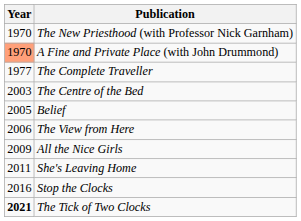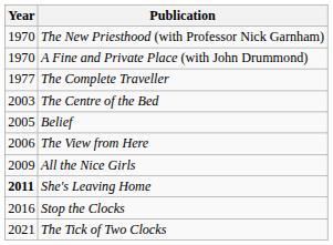 <table class="wikitable">
 <tr>
 <th>Year</th>
 <th>Publication</th>
 </tr>
 <tr>
 <td>1970</td>
 <td><em>The New Priesthood</em> (with Professor Nick Garnham)</td>
 </tr>
 <tr>
-<td style="background: lightsalmon;">1970</td>
+<td>1970</td>
 <td><em>A Fine and Private Place</em> (with John Drummond)</td>
 </tr>
 <tr>
 <td>1977</td>
 <td><em>The Complete Traveller</em></td>
 </tr>
 <tr>
 <td>2003</td>
 <td><em>The Centre of the Bed</em></td>
 </tr>
 <tr>
 <td>2005</td>
 <td><em>Belief</em></td>
 </tr>
 <tr>
 <td>2006</td>
 <td><em>The View from Here</em></td>
 </tr>
 <tr>
 <td>2009</td>
 <td><em>All the Nice Girls</em></td>
 </tr>
 <tr>
-<td>2011</td>
+<td><strong>2011</strong></td>
 <td><em>She's Leaving Home</em></td>
 </tr>
 <tr>
 <td>2016</td>
 <td><em>Stop the Clocks</em></td>
 </tr>
 <tr>
-<td><strong>2021</strong></td>
+<td>2021</td>
 <td><em>The Tick of Two Clocks</em></td>
 </tr>
 </table>
